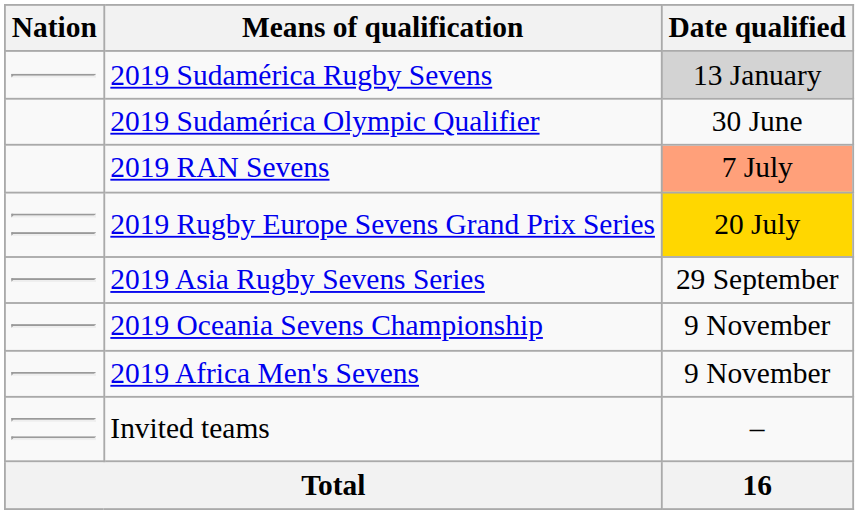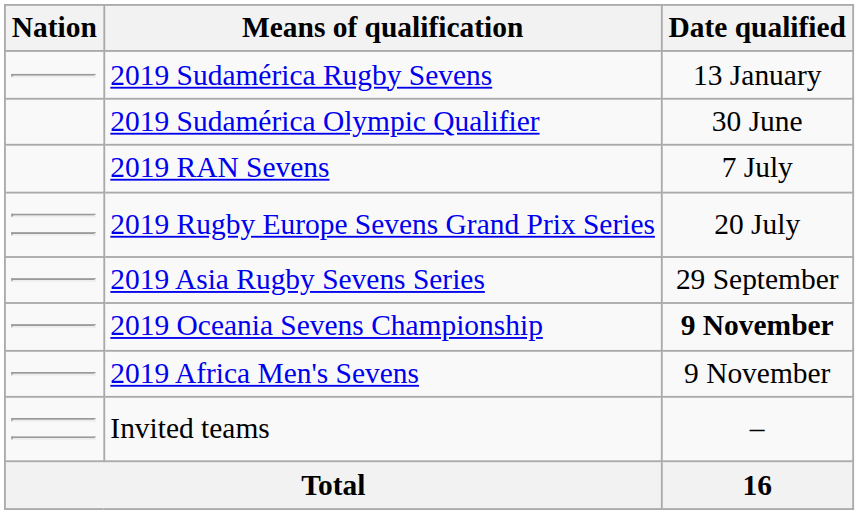 <table class="wikitable">
 <tr>
 <th>Nation</th>
 <th>Means of qualification</th>
 <th>Date qualified</th>
 </tr>
 <tr>
 <td><hr></td>
 <td><a href='#'>2019 Sudamérica Rugby Sevens</a></td>
-<td align=center style="background: lightgrey;">13 January</td>
+<td align=center>13 January</td>
 </tr>
 <tr>
 <td></td>
 <td><a href='#'>2019 Sudamérica Olympic Qualifier</a></td>
 <td align=center>30 June</td>
 </tr>
 <tr>
 <td></td>
 <td><a href='#'>2019 RAN Sevens</a></td>
-<td align=center style="background: lightsalmon;">7 July</td>
+<td align=center>7 July</td>
 </tr>
 <tr>
 <td><hr><hr></td>
 <td><a href='#'>2019 Rugby Europe Sevens Grand Prix Series</a></td>
-<td align=center style="background: gold;">20 July</td>
+<td align=center>20 July</td>
 </tr>
 <tr>
 <td><hr></td>
 <td><a href='#'>2019 Asia Rugby Sevens Series</a></td>
 <td align=center>29 September</td>
 </tr>
 <tr>
 <td><hr></td>
 <td><a href='#'>2019 Oceania Sevens Championship</a></td>
-<td align=center>9 November</td>
+<td align=center><strong>9 November</strong></td>
 </tr>
 <tr>
 <td><hr></td>
 <td><a href='#'>2019 Africa Men's Sevens</a></td>
 <td align=center>9 November</td>
 </tr>
 <tr>
 <td><hr><hr></td>
 <td>Invited teams</td>
 <td align=center>–</td>
 </tr>
 <tr>
 <th colspan=2>Total</th>
 <th>16</th>
 </tr>
 </table>
